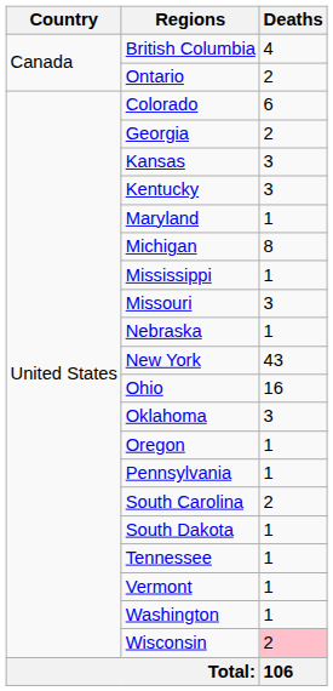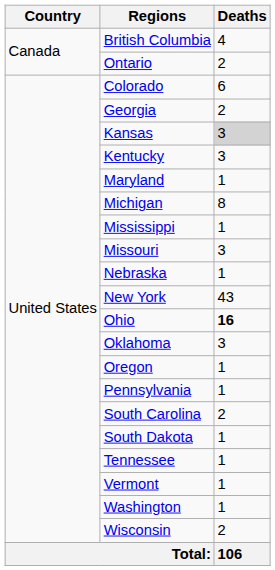 <table class="wikitable" style="float:right; margin-left: 1em;">
 <tr>
 <th>Country</th>
 <th>Regions</th>
 <th>Deaths</th>
 </tr>
 <tr>
 <td rowspan="2">Canada</td>
 <td><a href='#'>British Columbia</a></td>
 <td>4</td>
 </tr>
 <tr>
 <td><a href='#'>Ontario</a></td>
 <td>2</td>
 </tr>
 <tr>
 <td rowspan="20">United States</td>
 <td><a href='#'>Colorado</a></td>
 <td>6</td>
 </tr>
 <tr>
 <td><a href='#'>Georgia</a></td>
 <td>2</td>
 </tr>
 <tr>
 <td><a href='#'>Kansas</a></td>
-<td>3</td>
+<td style="background: lightgrey;">3</td>
 </tr>
 <tr>
 <td><a href='#'>Kentucky</a></td>
 <td>3</td>
 </tr>
 <tr>
 <td><a href='#'>Maryland</a></td>
 <td>1</td>
 </tr>
 <tr>
 <td><a href='#'>Michigan</a></td>
 <td>8</td>
 </tr>
 <tr>
 <td><a href='#'>Mississippi</a></td>
 <td>1</td>
 </tr>
 <tr>
 <td><a href='#'>Missouri</a></td>
 <td>3</td>
 </tr>
 <tr>
 <td><a href='#'>Nebraska</a></td>
 <td>1</td>
 </tr>
 <tr>
 <td><a href='#'>New York</a></td>
 <td>43</td>
 </tr>
 <tr>
 <td><a href='#'>Ohio</a></td>
-<td>16</td>
+<td><strong>16</strong></td>
 </tr>
 <tr>
 <td><a href='#'>Oklahoma</a></td>
 <td>3</td>
 </tr>
 <tr>
 <td><a href='#'>Oregon</a></td>
 <td>1</td>
 </tr>
 <tr>
 <td><a href='#'>Pennsylvania</a></td>
 <td>1</td>
 </tr>
 <tr>
 <td><a href='#'>South Carolina</a></td>
 <td>2</td>
 </tr>
 <tr>
 <td><a href='#'>South Dakota</a></td>
 <td>1</td>
 </tr>
 <tr>
 <td><a href='#'>Tennessee</a></td>
 <td>1</td>
 </tr>
 <tr>
 <td><a href='#'>Vermont</a></td>
 <td>1</td>
 </tr>
 <tr>
 <td><a href='#'>Washington</a></td>
 <td>1</td>
 </tr>
 <tr>
 <td><a href='#'>Wisconsin</a></td>
-<td style="background: pink;">2</td>
+<td>2</td>
 </tr>
 <tr>
 <th colspan="2" style="text-align:right;">Total:</th>
 <th style="text-align:left;">106</th>
 </tr>
 </table>
